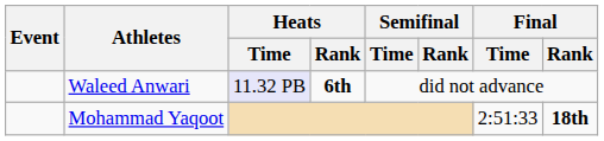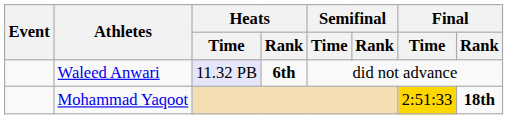 <table class="wikitable" border="1" style="font-size:90%">
 <tr>
 <th rowspan=2>Event</th>
 <th rowspan=2>Athletes</th>
 <th colspan=2>Heats</th>
 <th colspan=2>Semifinal</th>
 <th colspan=2>Final</th>
 </tr>
 <tr>
 <th>Time</th>
 <th>Rank</th>
 <th>Time</th>
 <th>Rank</th>
 <th>Time</th>
 <th>Rank</th>
 </tr>
 <tr>
 <td></td>
 <td><a href='#'>Waleed Anwari</a></td>
 <td align=center style="background: lavender;">11.32 PB</td>
 <td align=center><strong>6th</strong></td>
 <td align=center colspan=4>did not advance</td>
 </tr>
 <tr>
 <td></td>
 <td><a href='#'>Mohammad Yaqoot</a></td>
 <td colspan=4 bgcolor=wheat></td>
-<td align=center>2:51:33</td>
+<td align=center style="background: gold;">2:51:33</td>
 <td align=center><strong>18th</strong></td>
 </tr>
 </table>
